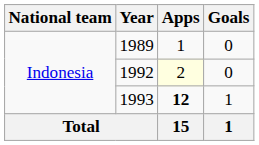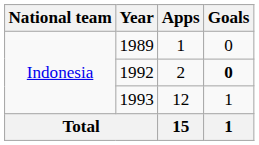 <table class="wikitable" style="text-align:center">
 <tr>
 <th>National team</th>
 <th>Year</th>
 <th>Apps</th>
 <th>Goals</th>
 </tr>
 <tr>
 <td rowspan="3"><a href='#'>Indonesia</a></td>
 <td>1989</td>
 <td>1</td>
 <td>0</td>
 </tr>
 <tr>
 <td>1992</td>
-<td style="background: lightyellow;">2</td>
-<td>0</td>
+<td>2</td>
+<td><strong>0</strong></td>
 </tr>
 <tr>
 <td>1993</td>
-<td><strong>12</strong></td>
+<td>12</td>
 <td>1</td>
 </tr>
 <tr>
 <th colspan="2">Total</th>
 <th>15</th>
 <th>1</th>
 </tr>
 </table>
